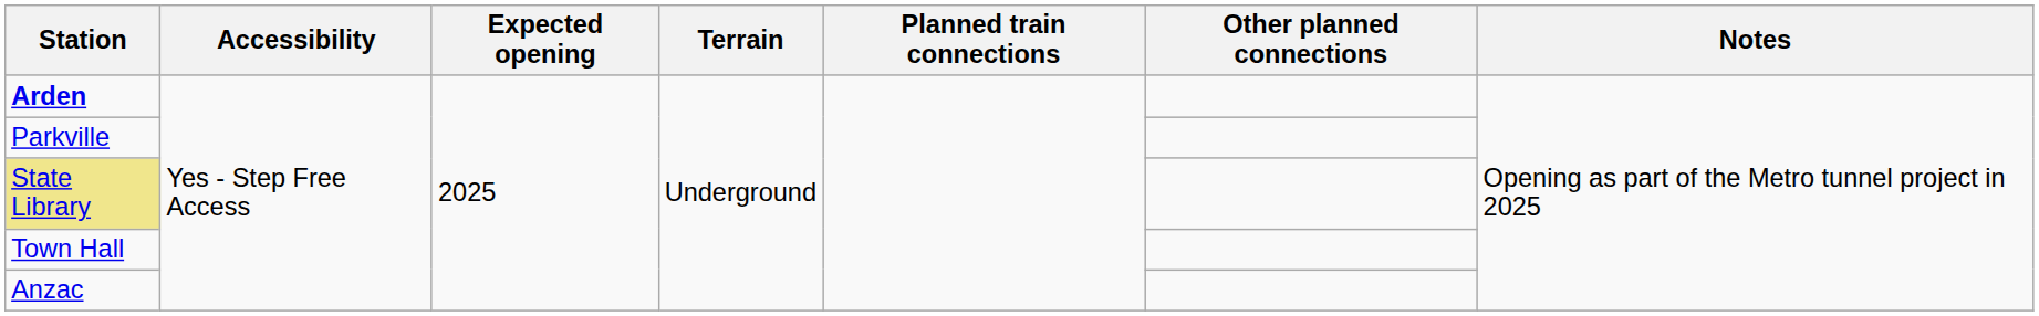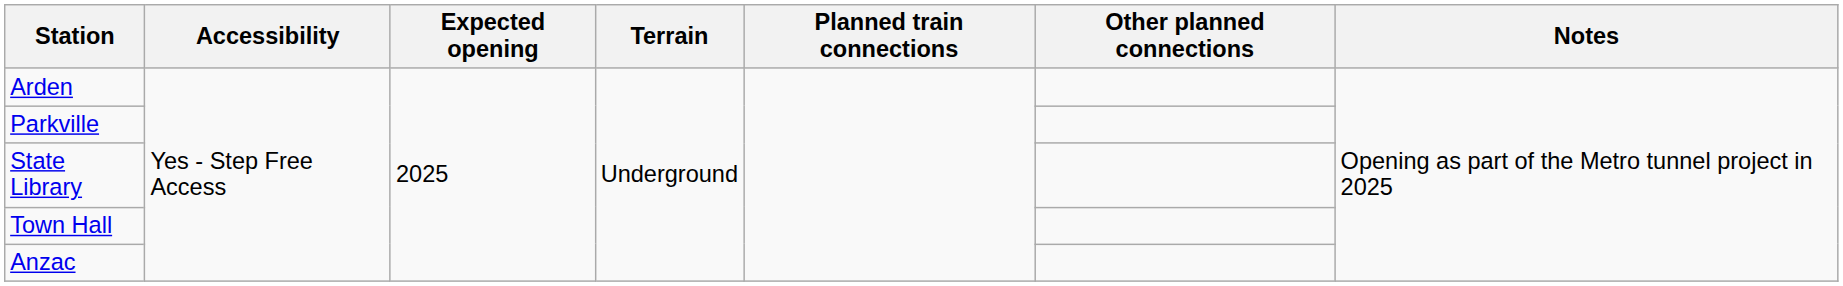 <table class="wikitable">
 <tr>
 <th>Station</th>
 <th>Accessibility</th>
 <th>Expected opening</th>
 <th>Terrain</th>
 <th>Planned train connections</th>
 <th>Other planned connections</th>
 <th>Notes</th>
 </tr>
 <tr>
-<td><strong><a href='#'>Arden</a></strong></td>
+<td><a href='#'>Arden</a></td>
 <td rowspan="5">Yes - Step Free Access</td>
 <td rowspan="5">2025</td>
 <td rowspan="5">Underground</td>
 <td rowspan="5"><br></td>
 <td></td>
 <td rowspan="5">Opening as part of the Metro tunnel project in 2025</td>
 </tr>
 <tr>
 <td><a href='#'>Parkville</a></td>
 <td></td>
 </tr>
 <tr>
-<td style="background: khaki;"><a href='#'>State Library</a></td>
+<td><a href='#'>State Library</a></td>
 <td>  </td>
 </tr>
 <tr>
 <td><a href='#'>Town Hall</a></td>
 <td>   </td>
 </tr>
 <tr>
 <td><a href='#'>Anzac</a></td>
 <td></td>
 </tr>
 </table>
